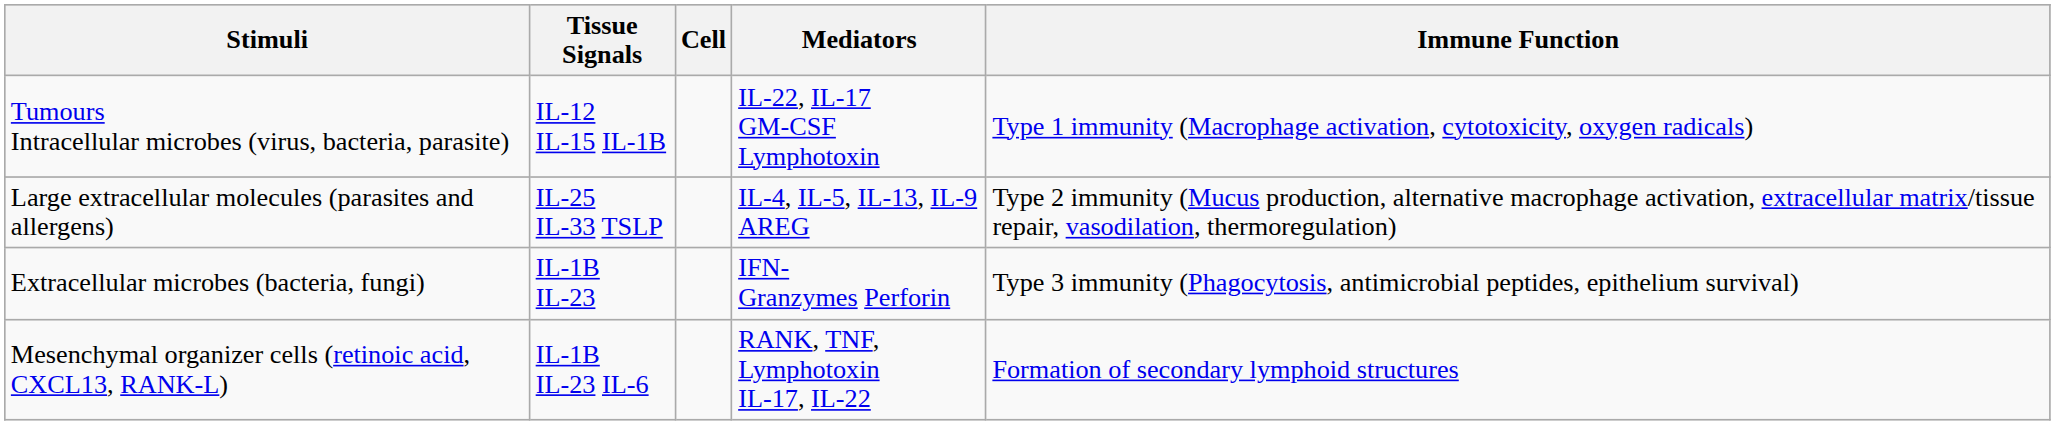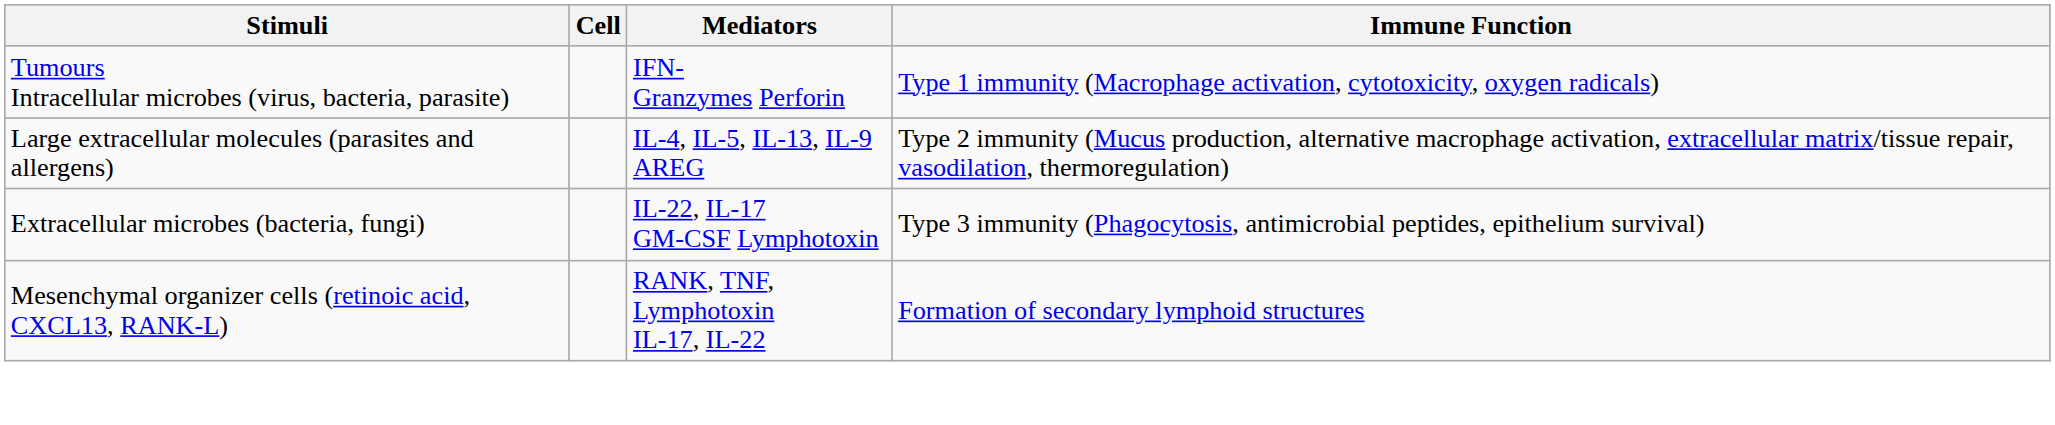 <table class="wikitable" style="text-align:left;">
 <tr>
 <th style="font-weight:bold;">Stimuli</th>
-<th style="font-weight:bold;">Tissue Signals</th>
 <th style="font-weight:bold;">Cell</th>
 <th style="font-weight:bold;">Mediators</th>
 <th style="font-weight:bold;">Immune Function</th>
 </tr>
 <tr>
 <td><a href='#'>Tumours</a><br>Intracellular microbes (virus, bacteria, parasite)</td>
-<td><a href='#'>IL-12</a><br><a href='#'>IL-15</a> <a href='#'>IL-1B</a></td>
 <td></td>
-<td><a href='#'>IL-22</a>, <a href='#'>IL-17</a><br><a href='#'>GM-CSF</a> <a href='#'>Lymphotoxin</a></td>
+<td><a href='#'>IFN-</a><br><a href='#'>Granzymes</a> <a href='#'>Perforin</a></td>
 <td><a href='#'>Type 1 immunity</a> (<a href='#'>Macrophage activation</a>, <a href='#'>cytotoxicity</a>, <a href='#'>oxygen radicals</a>)</td>
 </tr>
 <tr>
 <td>Large extracellular molecules (parasites and allergens)</td>
-<td><a href='#'>IL-25</a><br><a href='#'>IL-33</a> <a href='#'>TSLP</a></td>
 <td></td>
 <td><a href='#'>IL-4</a>, <a href='#'>IL-5</a>, <a href='#'>IL-13</a>, <a href='#'>IL-9</a><br><a href='#'>AREG</a></td>
 <td>Type 2 immunity (<a href='#'>Mucus</a> production, alternative macrophage activation, <a href='#'>extracellular matrix</a>/tissue repair, <a href='#'>vasodilation</a>, thermoregulation)</td>
 </tr>
 <tr>
 <td>Extracellular microbes (bacteria, fungi)</td>
-<td><a href='#'>IL-1B</a><br><a href='#'>IL-23</a></td>
 <td></td>
-<td><a href='#'>IFN-</a><br><a href='#'>Granzymes</a> <a href='#'>Perforin</a></td>
+<td><a href='#'>IL-22</a>, <a href='#'>IL-17</a><br><a href='#'>GM-CSF</a> <a href='#'>Lymphotoxin</a></td>
 <td>Type 3 immunity (<a href='#'>Phagocytosis</a>, antimicrobial peptides, epithelium survival)</td>
 </tr>
 <tr>
 <td>Mesenchymal organizer cells (<a href='#'>retinoic acid</a>, <a href='#'>CXCL13</a>, <a href='#'>RANK-L</a>)</td>
-<td><a href='#'>IL-1B</a><br><a href='#'>IL-23</a> <a href='#'>IL-6</a></td>
 <td></td>
 <td><a href='#'>RANK</a>, <a href='#'>TNF</a>, <a href='#'>Lymphotoxin</a><br><a href='#'>IL-17</a>, <a href='#'>IL-22</a></td>
 <td><a href='#'>Formation of secondary lymphoid structures</a></td>
 </tr>
 </table>
